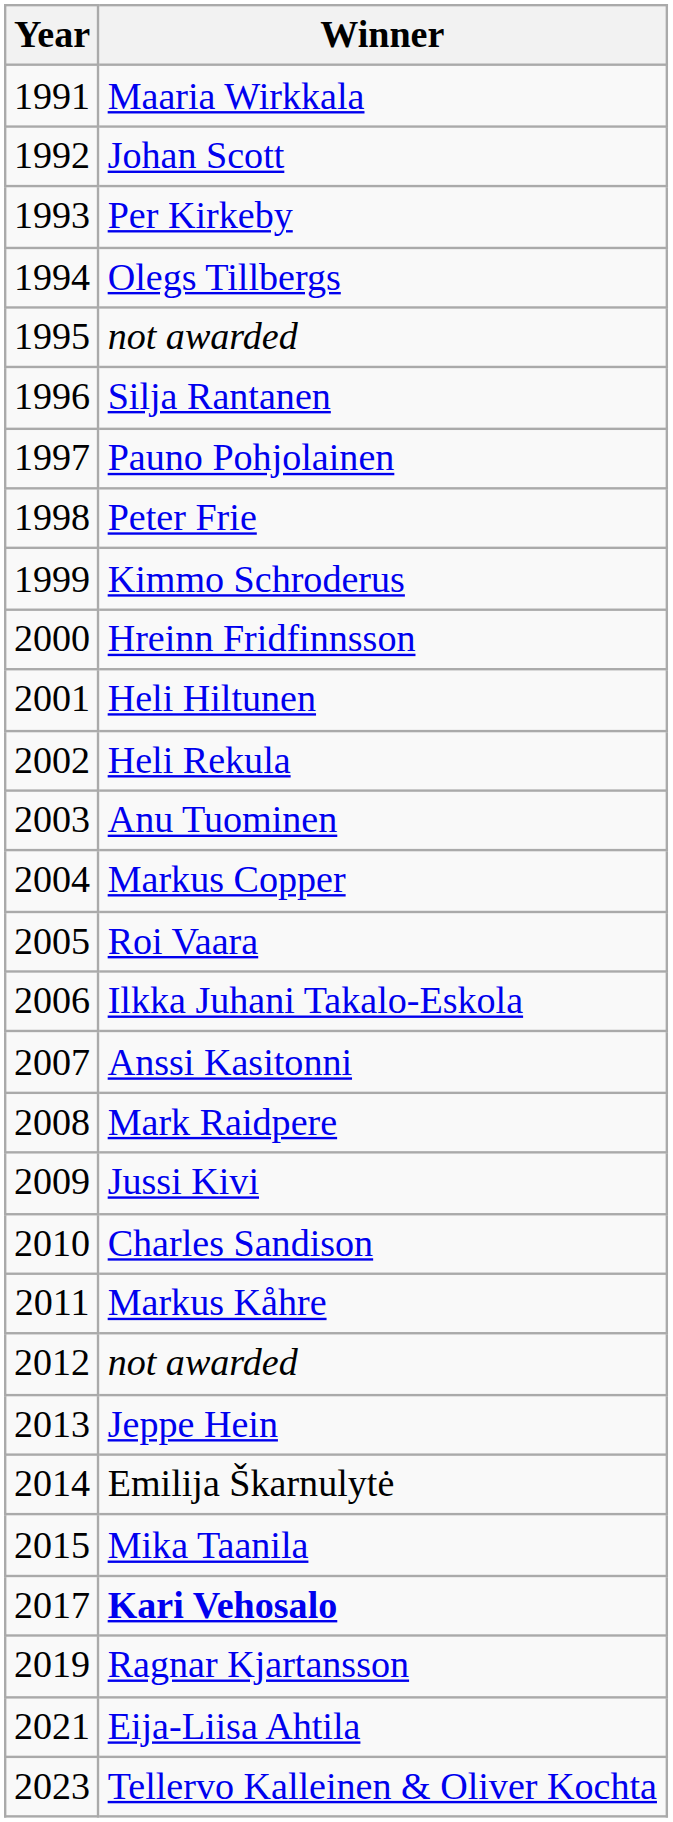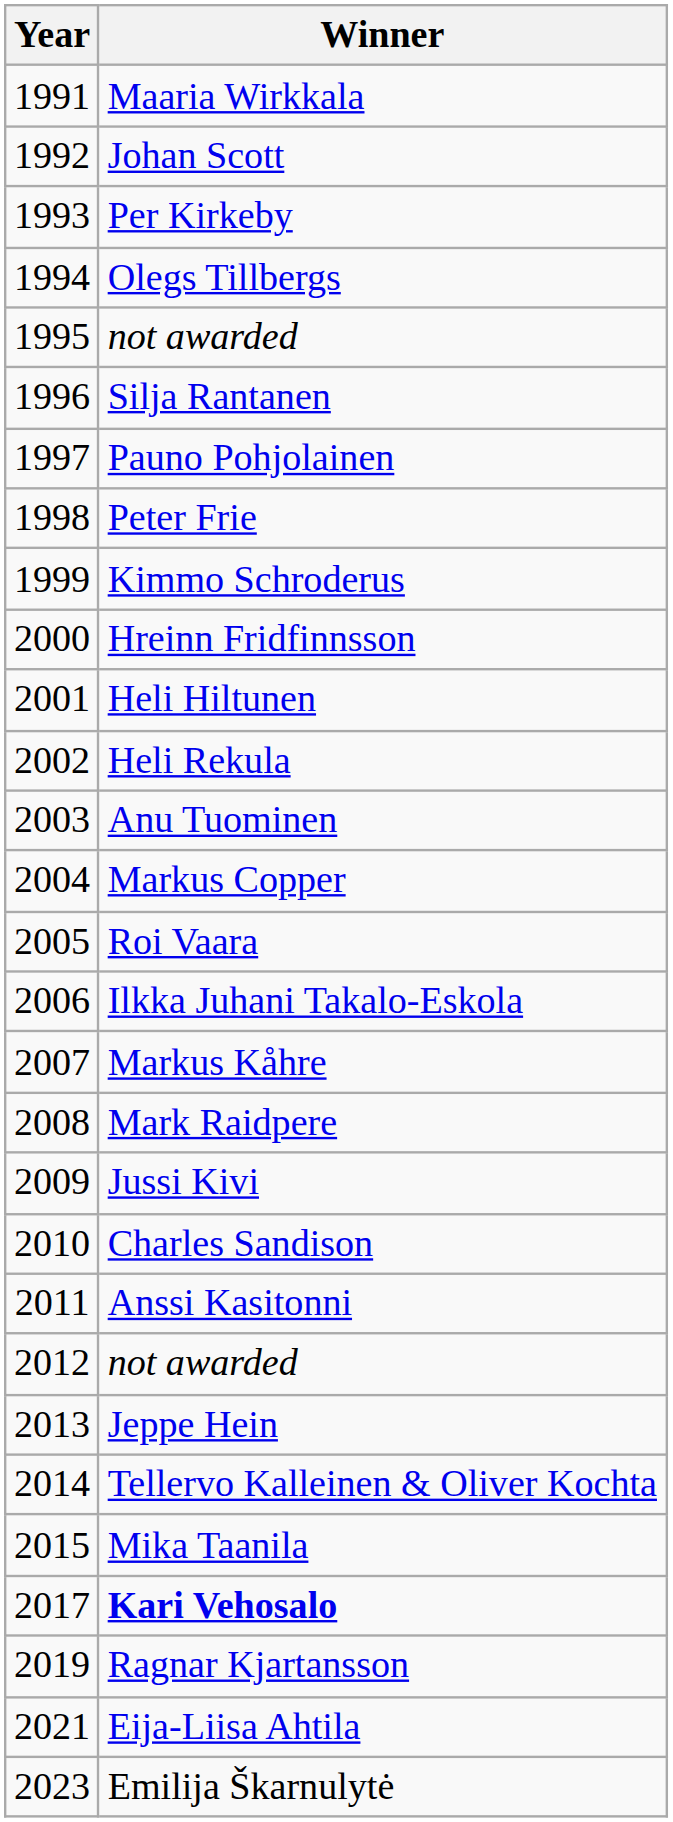 <table class="wikitable sortable">
 <tr>
 <th>Year</th>
 <th>Winner</th>
 </tr>
 <tr>
 <td align=center>1991</td>
 <td> <a href='#'>Maaria Wirkkala</a></td>
 </tr>
 <tr>
 <td align=center>1992</td>
 <td> <a href='#'>Johan Scott</a></td>
 </tr>
 <tr>
 <td align=center>1993</td>
 <td> <a href='#'>Per Kirkeby</a></td>
 </tr>
 <tr>
 <td align=center>1994</td>
 <td> <a href='#'>Olegs Tillbergs</a></td>
 </tr>
 <tr>
 <td align=center>1995</td>
 <td><em>not awarded</em></td>
 </tr>
 <tr>
 <td align=center>1996</td>
 <td> <a href='#'>Silja Rantanen</a></td>
 </tr>
 <tr>
 <td align=center>1997</td>
 <td> <a href='#'>Pauno Pohjolainen</a></td>
 </tr>
 <tr>
 <td align=center>1998</td>
 <td> <a href='#'>Peter Frie</a></td>
 </tr>
 <tr>
 <td align=center>1999</td>
 <td> <a href='#'>Kimmo Schroderus</a></td>
 </tr>
 <tr>
 <td align=center>2000</td>
 <td> <a href='#'>Hreinn Fridfinnsson</a></td>
 </tr>
 <tr>
 <td align=center>2001</td>
 <td> <a href='#'>Heli Hiltunen</a></td>
 </tr>
 <tr>
 <td align=center>2002</td>
 <td> <a href='#'>Heli Rekula</a></td>
 </tr>
 <tr>
 <td align=center>2003</td>
 <td> <a href='#'>Anu Tuominen</a></td>
 </tr>
 <tr>
 <td align=center>2004</td>
 <td> <a href='#'>Markus Copper</a></td>
 </tr>
 <tr>
 <td align=center>2005</td>
 <td> <a href='#'>Roi Vaara</a></td>
 </tr>
 <tr>
 <td align=center>2006</td>
 <td> <a href='#'>Ilkka Juhani Takalo-Eskola</a></td>
 </tr>
 <tr>
 <td align=center>2007</td>
-<td> <a href='#'>Anssi Kasitonni</a></td>
+<td> <a href='#'>Markus Kåhre</a></td>
 </tr>
 <tr>
 <td align=center>2008</td>
 <td> <a href='#'>Mark Raidpere</a></td>
 </tr>
 <tr>
 <td align=center>2009</td>
 <td> <a href='#'>Jussi Kivi</a></td>
 </tr>
 <tr>
 <td align=center>2010</td>
 <td> <a href='#'>Charles Sandison</a></td>
 </tr>
 <tr>
 <td align=center>2011</td>
-<td> <a href='#'>Markus Kåhre</a></td>
+<td> <a href='#'>Anssi Kasitonni</a></td>
 </tr>
 <tr>
 <td align=center>2012</td>
 <td><em>not awarded</em></td>
 </tr>
 <tr>
 <td align=center>2013</td>
 <td> <a href='#'>Jeppe Hein</a></td>
 </tr>
 <tr>
 <td align=center>2014</td>
-<td>Emilija Škarnulytė</td>
+<td> <a href='#'>Tellervo Kalleinen & Oliver Kochta</a></td>
 </tr>
 <tr>
 <td align=center>2015</td>
 <td> <a href='#'>Mika Taanila</a></td>
 </tr>
 <tr>
 <td align=center>2017</td>
 <td><strong> <a href='#'>Kari Vehosalo</a></strong></td>
 </tr>
 <tr>
 <td align=center>2019</td>
 <td> <a href='#'>Ragnar Kjartansson</a></td>
 </tr>
 <tr>
 <td align=center>2021</td>
 <td> <a href='#'>Eija-Liisa Ahtila</a></td>
 </tr>
 <tr>
 <td>2023</td>
-<td> <a href='#'>Tellervo Kalleinen & Oliver Kochta</a></td>
+<td>Emilija Škarnulytė</td>
 </tr>
 </table>
